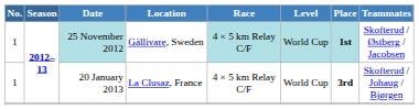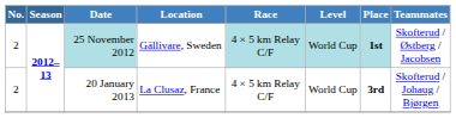 <table class="wikitable sortable" style="font-size:95%; text-align:center; border:grey solid 1px; border-collapse:collapse; background:#ffffff;">
 <tr style="background:#efefef;">
 <th style="background-color:#369; color:white;">No.</th>
 <th style="background-color:#369; color:white;">Season</th>
 <th style="background-color:#4180be; color:white; width:120px;">Date</th>
 <th style="background-color:#4180be; color:white; width:170px;">Location</th>
 <th style="background-color:#4180be; color:white; width:170px;">Race</th>
 <th style="background-color:#4180be; color:white; width:100px;">Level</th>
 <th style="background-color:#4180be; color:white;">Place</th>
 <th style="background-color:#4180be; color:white;">Teammates</th>
 </tr>
 <tr>
-<td align=center>1</td>
+<td align=center>2</td>
 <td rowspan=2 align=center><strong><a href='#'>2012–13</a></strong></td>
 <td bgcolor="#BOEOE6" align=right>25 November 2012</td>
 <td align=left> <a href='#'>Gällivare</a>, Sweden</td>
 <td bgcolor="#BOEOE6">4 × 5 km Relay C/F</td>
 <td bgcolor="#BOEOE6">World Cup</td>
 <td bgcolor="#BOEOE6"><strong>1st</strong></td>
 <td><a href='#'>Skofterud</a> / <a href='#'>Østberg</a> / <a href='#'>Jacobsen</a></td>
 </tr>
 <tr>
-<td align=center>1</td>
+<td align=center>2</td>
 <td align=right>20 January 2013</td>
 <td align=left> <a href='#'>La Clusaz</a>, France</td>
 <td>4 × 5 km Relay C/F</td>
 <td>World Cup</td>
 <td><strong>3rd</strong></td>
 <td><a href='#'>Skofterud</a> / <a href='#'>Johaug</a> / <a href='#'>Bjørgen</a></td>
 </tr>
 <tr>
 </tr>
 </table>
